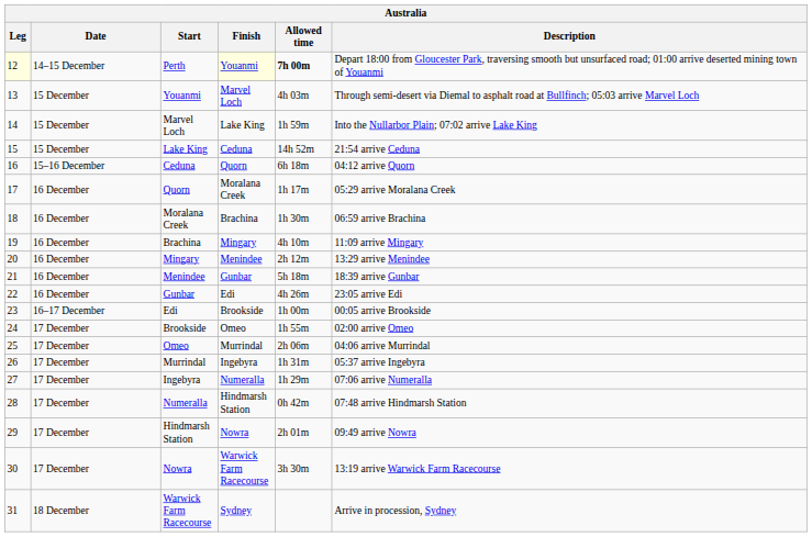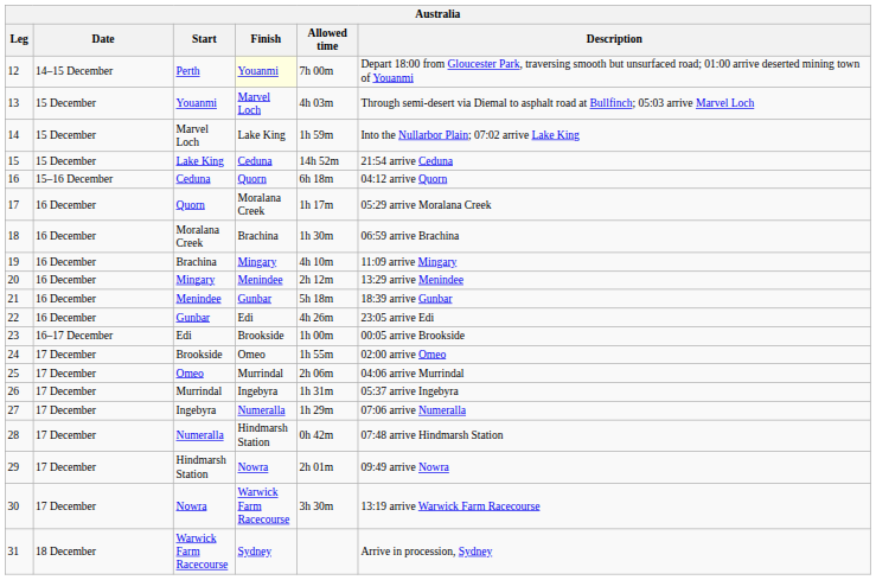 <table class="wikitable" style="font-size:90%;">
 <tr>
 <th colspan=6 align=right>Australia</th>
 </tr>
 <tr>
 <th style="width:2em">Leg</th>
 <th style="width:12em">Date</th>
 <th style="width:5em">Start</th>
 <th style="width:5em">Finish</th>
 <th style="width:5em">Allowed time</th>
 <th style="width:45em">Description</th>
 </tr>
 <tr>
-<td style="background: lightyellow;">12</td>
+<td>12</td>
 <td>14–15 December</td>
 <td><a href='#'>Perth</a></td>
 <td style="background: lightyellow;"><a href='#'>Youanmi</a></td>
-<td><strong>7h 00m</strong></td>
+<td>7h 00m</td>
 <td>Depart 18:00 from <a href='#'>Gloucester Park</a>, traversing smooth but unsurfaced road; 01:00 arrive deserted mining town of <a href='#'>Youanmi</a></td>
 </tr>
 <tr>
 <td>13</td>
 <td>15 December</td>
 <td><a href='#'>Youanmi</a></td>
 <td><a href='#'>Marvel Loch</a></td>
 <td>4h 03m</td>
 <td>Through semi-desert via Diemal to asphalt road at <a href='#'>Bullfinch</a>; 05:03 arrive <a href='#'>Marvel Loch</a></td>
 </tr>
 <tr>
 <td>14</td>
 <td>15 December</td>
 <td>Marvel Loch</td>
 <td>Lake King</td>
 <td>1h 59m</td>
 <td>Into the <a href='#'>Nullarbor Plain</a>; 07:02 arrive <a href='#'>Lake King</a></td>
 </tr>
 <tr>
 <td>15</td>
 <td>15 December</td>
 <td><a href='#'>Lake King</a></td>
 <td><a href='#'>Ceduna</a></td>
 <td>14h 52m</td>
 <td>21:54 arrive <a href='#'>Ceduna</a></td>
 </tr>
 <tr>
 <td>16</td>
 <td>15–16 December</td>
 <td><a href='#'>Ceduna</a></td>
 <td><a href='#'>Quorn</a></td>
 <td>6h 18m</td>
 <td>04:12 arrive <a href='#'>Quorn</a></td>
 </tr>
 <tr>
 <td>17</td>
 <td>16 December</td>
 <td><a href='#'>Quorn</a></td>
 <td>Moralana Creek</td>
 <td>1h 17m</td>
 <td>05:29 arrive Moralana Creek</td>
 </tr>
 <tr>
 <td>18</td>
 <td>16 December</td>
 <td>Moralana Creek</td>
 <td>Brachina</td>
 <td>1h 30m</td>
 <td>06:59 arrive Brachina</td>
 </tr>
 <tr>
 <td>19</td>
 <td>16 December</td>
 <td>Brachina</td>
 <td><a href='#'>Mingary</a></td>
 <td>4h 10m</td>
 <td>11:09 arrive <a href='#'>Mingary</a></td>
 </tr>
 <tr>
 <td>20</td>
 <td>16 December</td>
 <td><a href='#'>Mingary</a></td>
 <td><a href='#'>Menindee</a></td>
 <td>2h 12m</td>
 <td>13:29 arrive <a href='#'>Menindee</a></td>
 </tr>
 <tr>
 <td>21</td>
 <td>16 December</td>
 <td><a href='#'>Menindee</a></td>
 <td><a href='#'>Gunbar</a></td>
 <td>5h 18m</td>
 <td>18:39 arrive <a href='#'>Gunbar</a></td>
 </tr>
 <tr>
 <td>22</td>
 <td>16 December</td>
 <td><a href='#'>Gunbar</a></td>
 <td>Edi</td>
 <td>4h 26m</td>
 <td>23:05 arrive Edi</td>
 </tr>
 <tr>
 <td>23</td>
 <td>16–17 December</td>
 <td>Edi</td>
 <td>Brookside</td>
 <td>1h 00m</td>
 <td>00:05 arrive Brookside</td>
 </tr>
 <tr>
 <td>24</td>
 <td>17 December</td>
 <td>Brookside</td>
 <td>Omeo</td>
 <td>1h 55m</td>
 <td>02:00 arrive <a href='#'>Omeo</a></td>
 </tr>
 <tr>
 <td>25</td>
 <td>17 December</td>
 <td><a href='#'>Omeo</a></td>
 <td>Murrindal</td>
 <td>2h 06m</td>
 <td>04:06 arrive Murrindal</td>
 </tr>
 <tr>
 <td>26</td>
 <td>17 December</td>
 <td>Murrindal</td>
 <td>Ingebyra</td>
 <td>1h 31m</td>
 <td>05:37 arrive Ingebyra</td>
 </tr>
 <tr>
 <td>27</td>
 <td>17 December</td>
 <td>Ingebyra</td>
 <td><a href='#'>Numeralla</a></td>
 <td>1h 29m</td>
 <td>07:06 arrive <a href='#'>Numeralla</a></td>
 </tr>
 <tr>
 <td>28</td>
 <td>17 December</td>
 <td><a href='#'>Numeralla</a></td>
 <td>Hindmarsh Station</td>
 <td>0h 42m</td>
 <td>07:48 arrive Hindmarsh Station</td>
 </tr>
 <tr>
 <td>29</td>
 <td>17 December</td>
 <td>Hindmarsh Station</td>
 <td><a href='#'>Nowra</a></td>
 <td>2h 01m</td>
 <td>09:49 arrive <a href='#'>Nowra</a></td>
 </tr>
 <tr>
 <td>30</td>
 <td>17 December</td>
 <td><a href='#'>Nowra</a></td>
 <td><a href='#'>Warwick Farm Racecourse</a></td>
 <td>3h 30m</td>
 <td>13:19 arrive <a href='#'>Warwick Farm Racecourse</a></td>
 </tr>
 <tr>
 <td>31</td>
 <td>18 December</td>
 <td><a href='#'>Warwick Farm Racecourse</a></td>
 <td><a href='#'>Sydney</a></td>
 <td></td>
 <td>Arrive in procession, <a href='#'>Sydney</a></td>
 </tr>
 </table>
